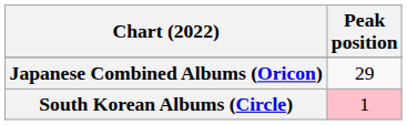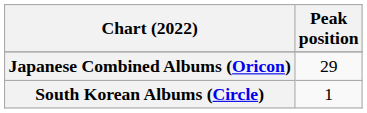 <table class="wikitable sortable plainrowheaders" style="text-align:center">
 <tr>
 <th scope="col">Chart (2022)</th>
 <th scope="col">Peak<br>position</th>
 </tr>
 <tr>
 </tr>
 <tr>
 <th scope="row">Japanese Combined Albums (<a href='#'>Oricon</a>)</th>
 <td>29</td>
 </tr>
 <tr>
 <th scope="row">South Korean Albums (<a href='#'>Circle</a>)</th>
-<td style="background: pink;">1</td>
+<td>1</td>
 </tr>
 </table>
